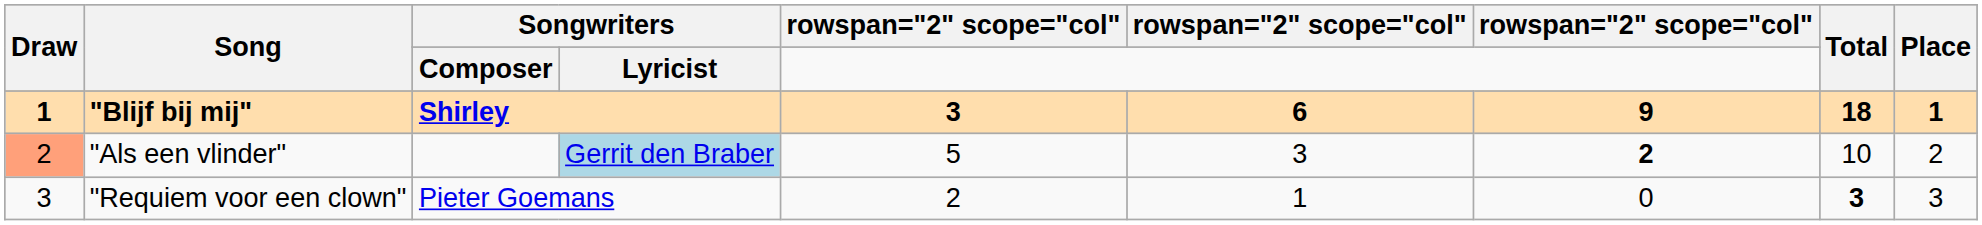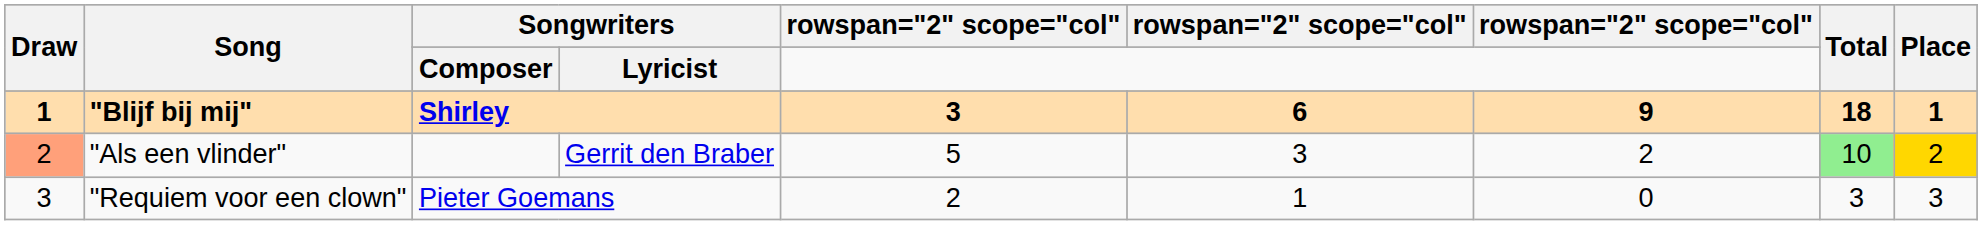 <table class="sortable wikitable">
 <tr>
 <th rowspan="2">Draw</th>
 <th rowspan="2">Song</th>
 <th colspan="2">Songwriters</th>
 <th>rowspan="2" scope="col" </th>
 <th>rowspan="2" scope="col" </th>
 <th>rowspan="2" scope="col" </th>
 <th rowspan="2">Total</th>
 <th rowspan="2">Place</th>
 </tr>
 <tr>
 <th>Composer</th>
 <th>Lyricist</th>
 </tr>
 <tr style="background:#FFDEAD; font-weight:bold;">
 <td align="center">1</td>
 <td>"Blijf bij mij"</td>
 <td colspan="2"><a href='#'>Shirley</a></td>
 <td align="center">3</td>
 <td align="center">6</td>
 <td align="center">9</td>
 <td align="center">18</td>
 <td align="center">1</td>
 </tr>
 <tr>
 <td align="center" style="background: lightsalmon;">2</td>
 <td>"Als een vlinder"</td>
 <td></td>
-<td style="background: lightblue;"><a href='#'>Gerrit den Braber</a></td>
+<td><a href='#'>Gerrit den Braber</a></td>
 <td align="center">5</td>
 <td align="center">3</td>
-<td align="center"><strong>2</strong></td>
-<td align="center">10</td>
 <td align="center">2</td>
+<td align="center" style="background: lightgreen;">10</td>
+<td align="center" style="background: gold;">2</td>
 </tr>
 <tr>
 <td align="center">3</td>
 <td>"Requiem voor een clown"</td>
 <td colspan="2"><a href='#'>Pieter Goemans</a></td>
 <td align="center">2</td>
 <td align="center">1</td>
 <td align="center">0</td>
-<td align="center"><strong>3</strong></td>
+<td align="center">3</td>
 <td align="center">3</td>
 </tr>
 </table>
